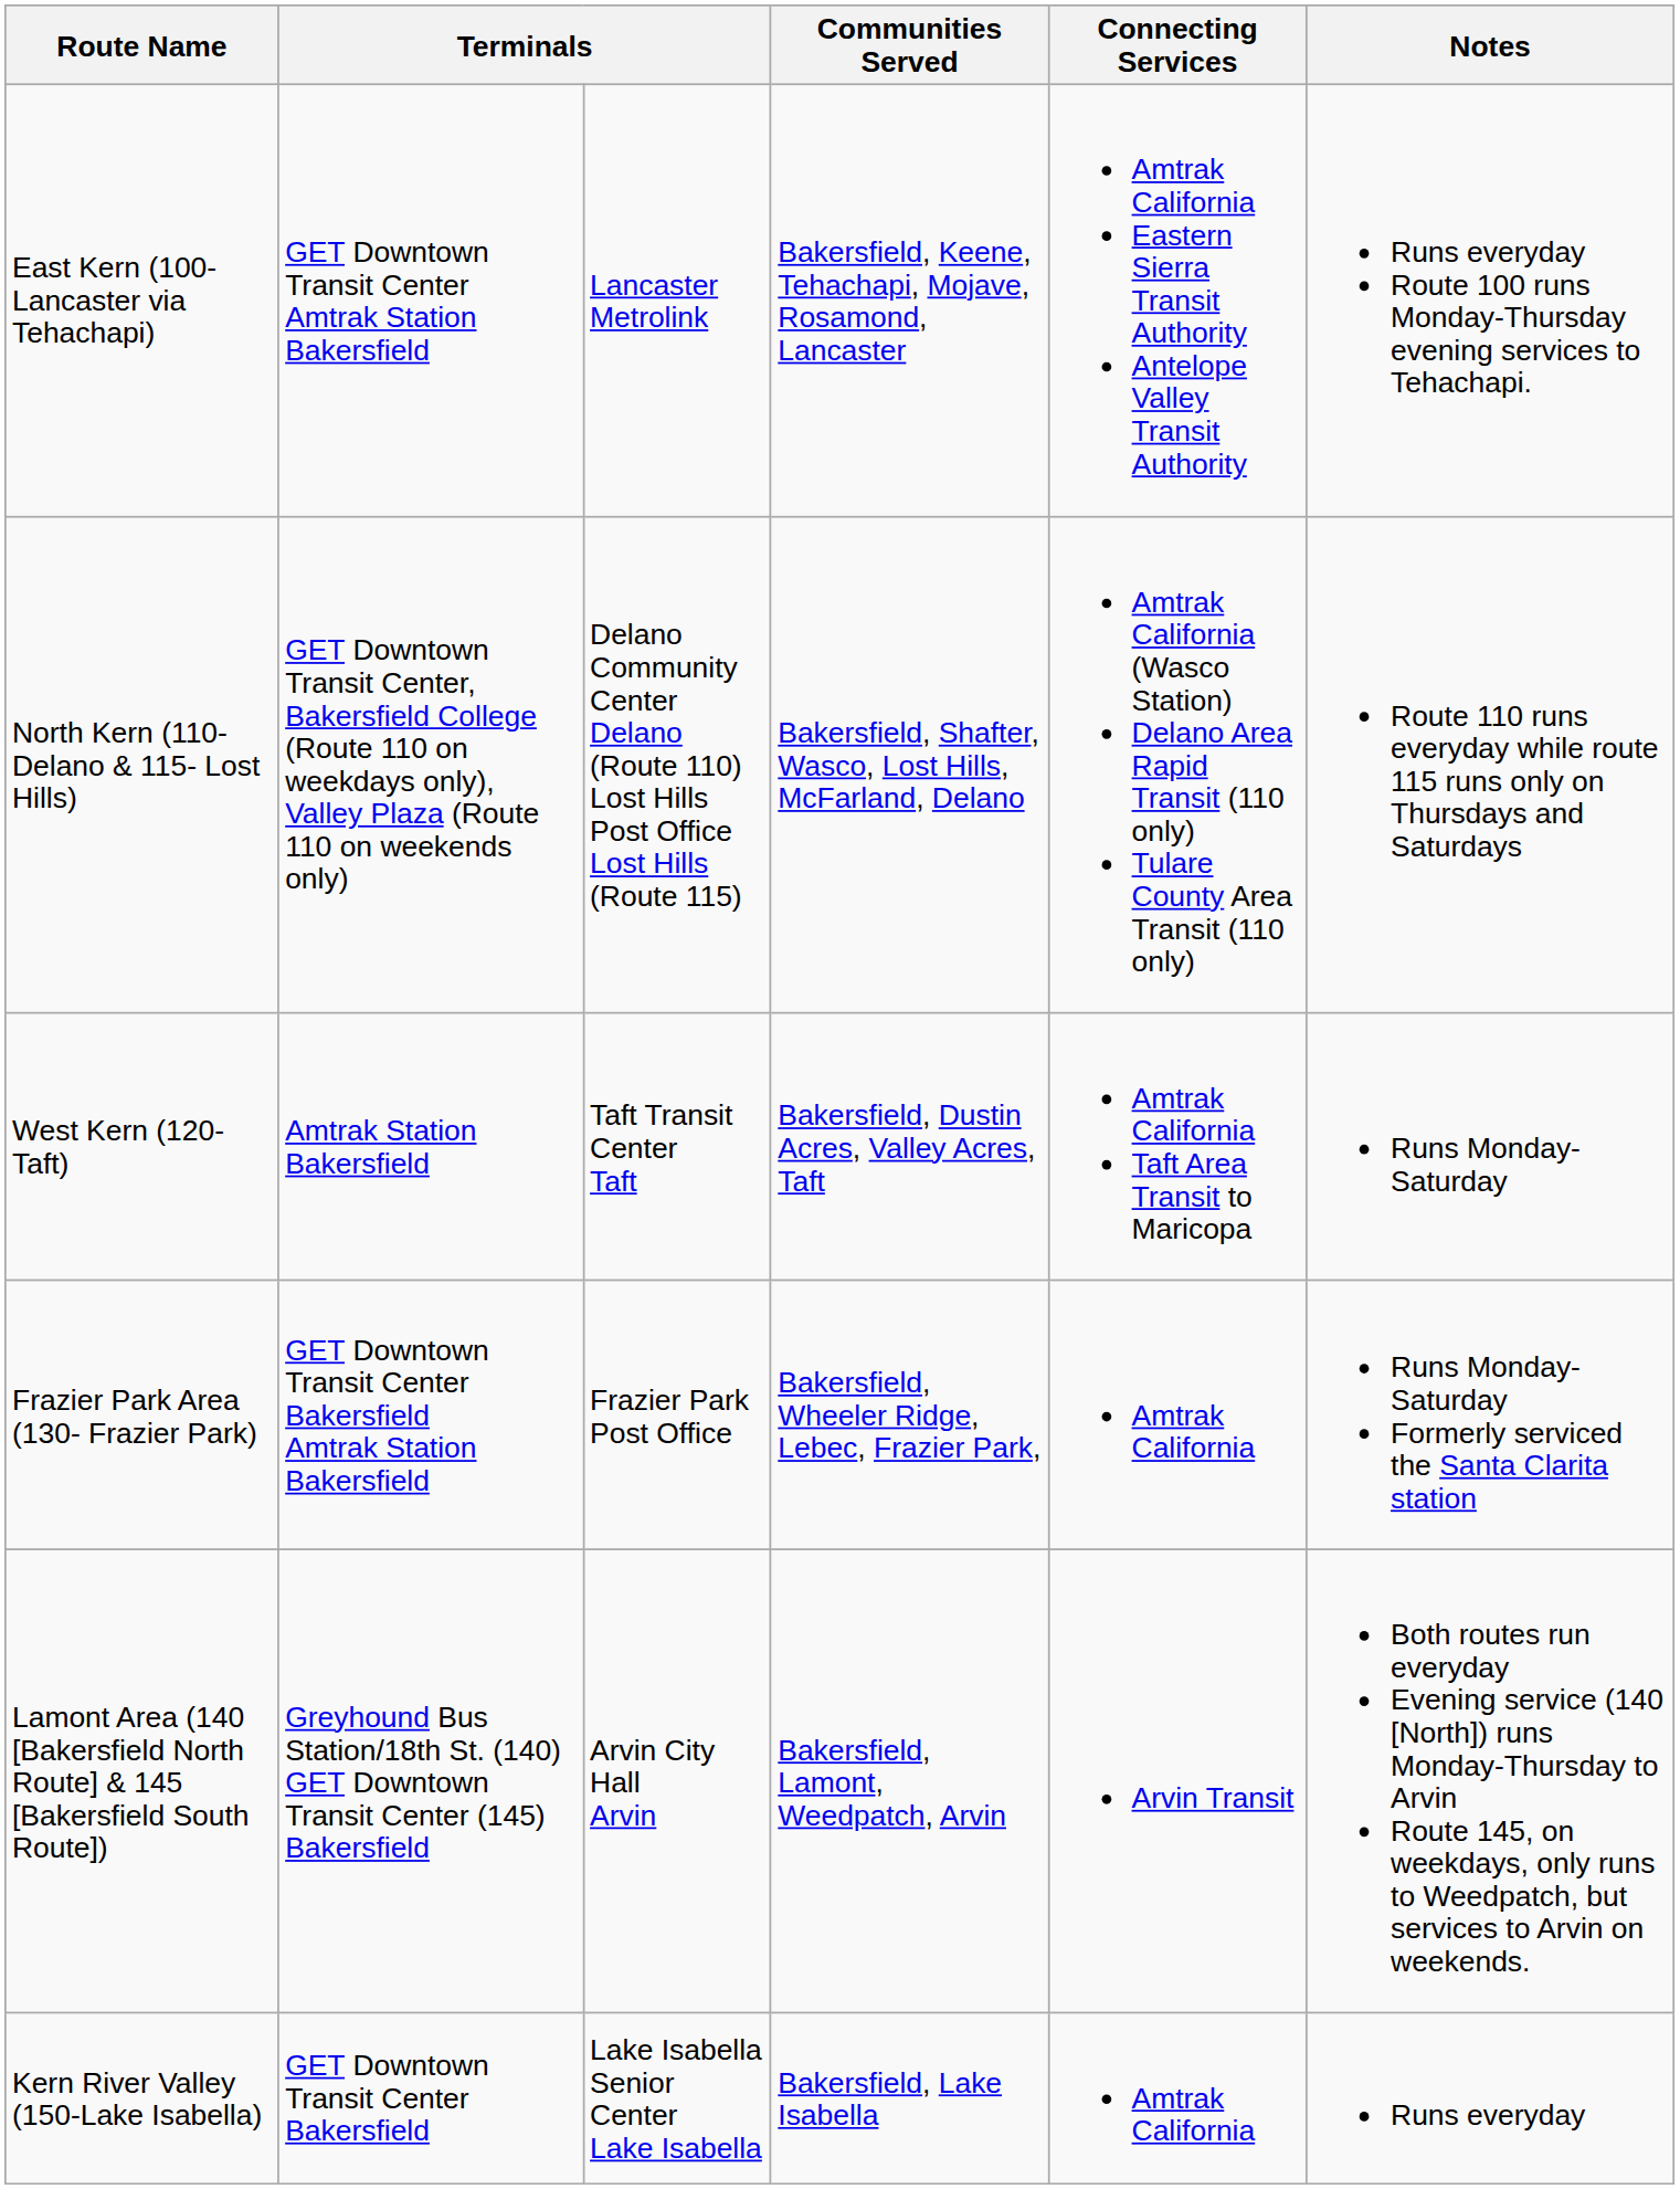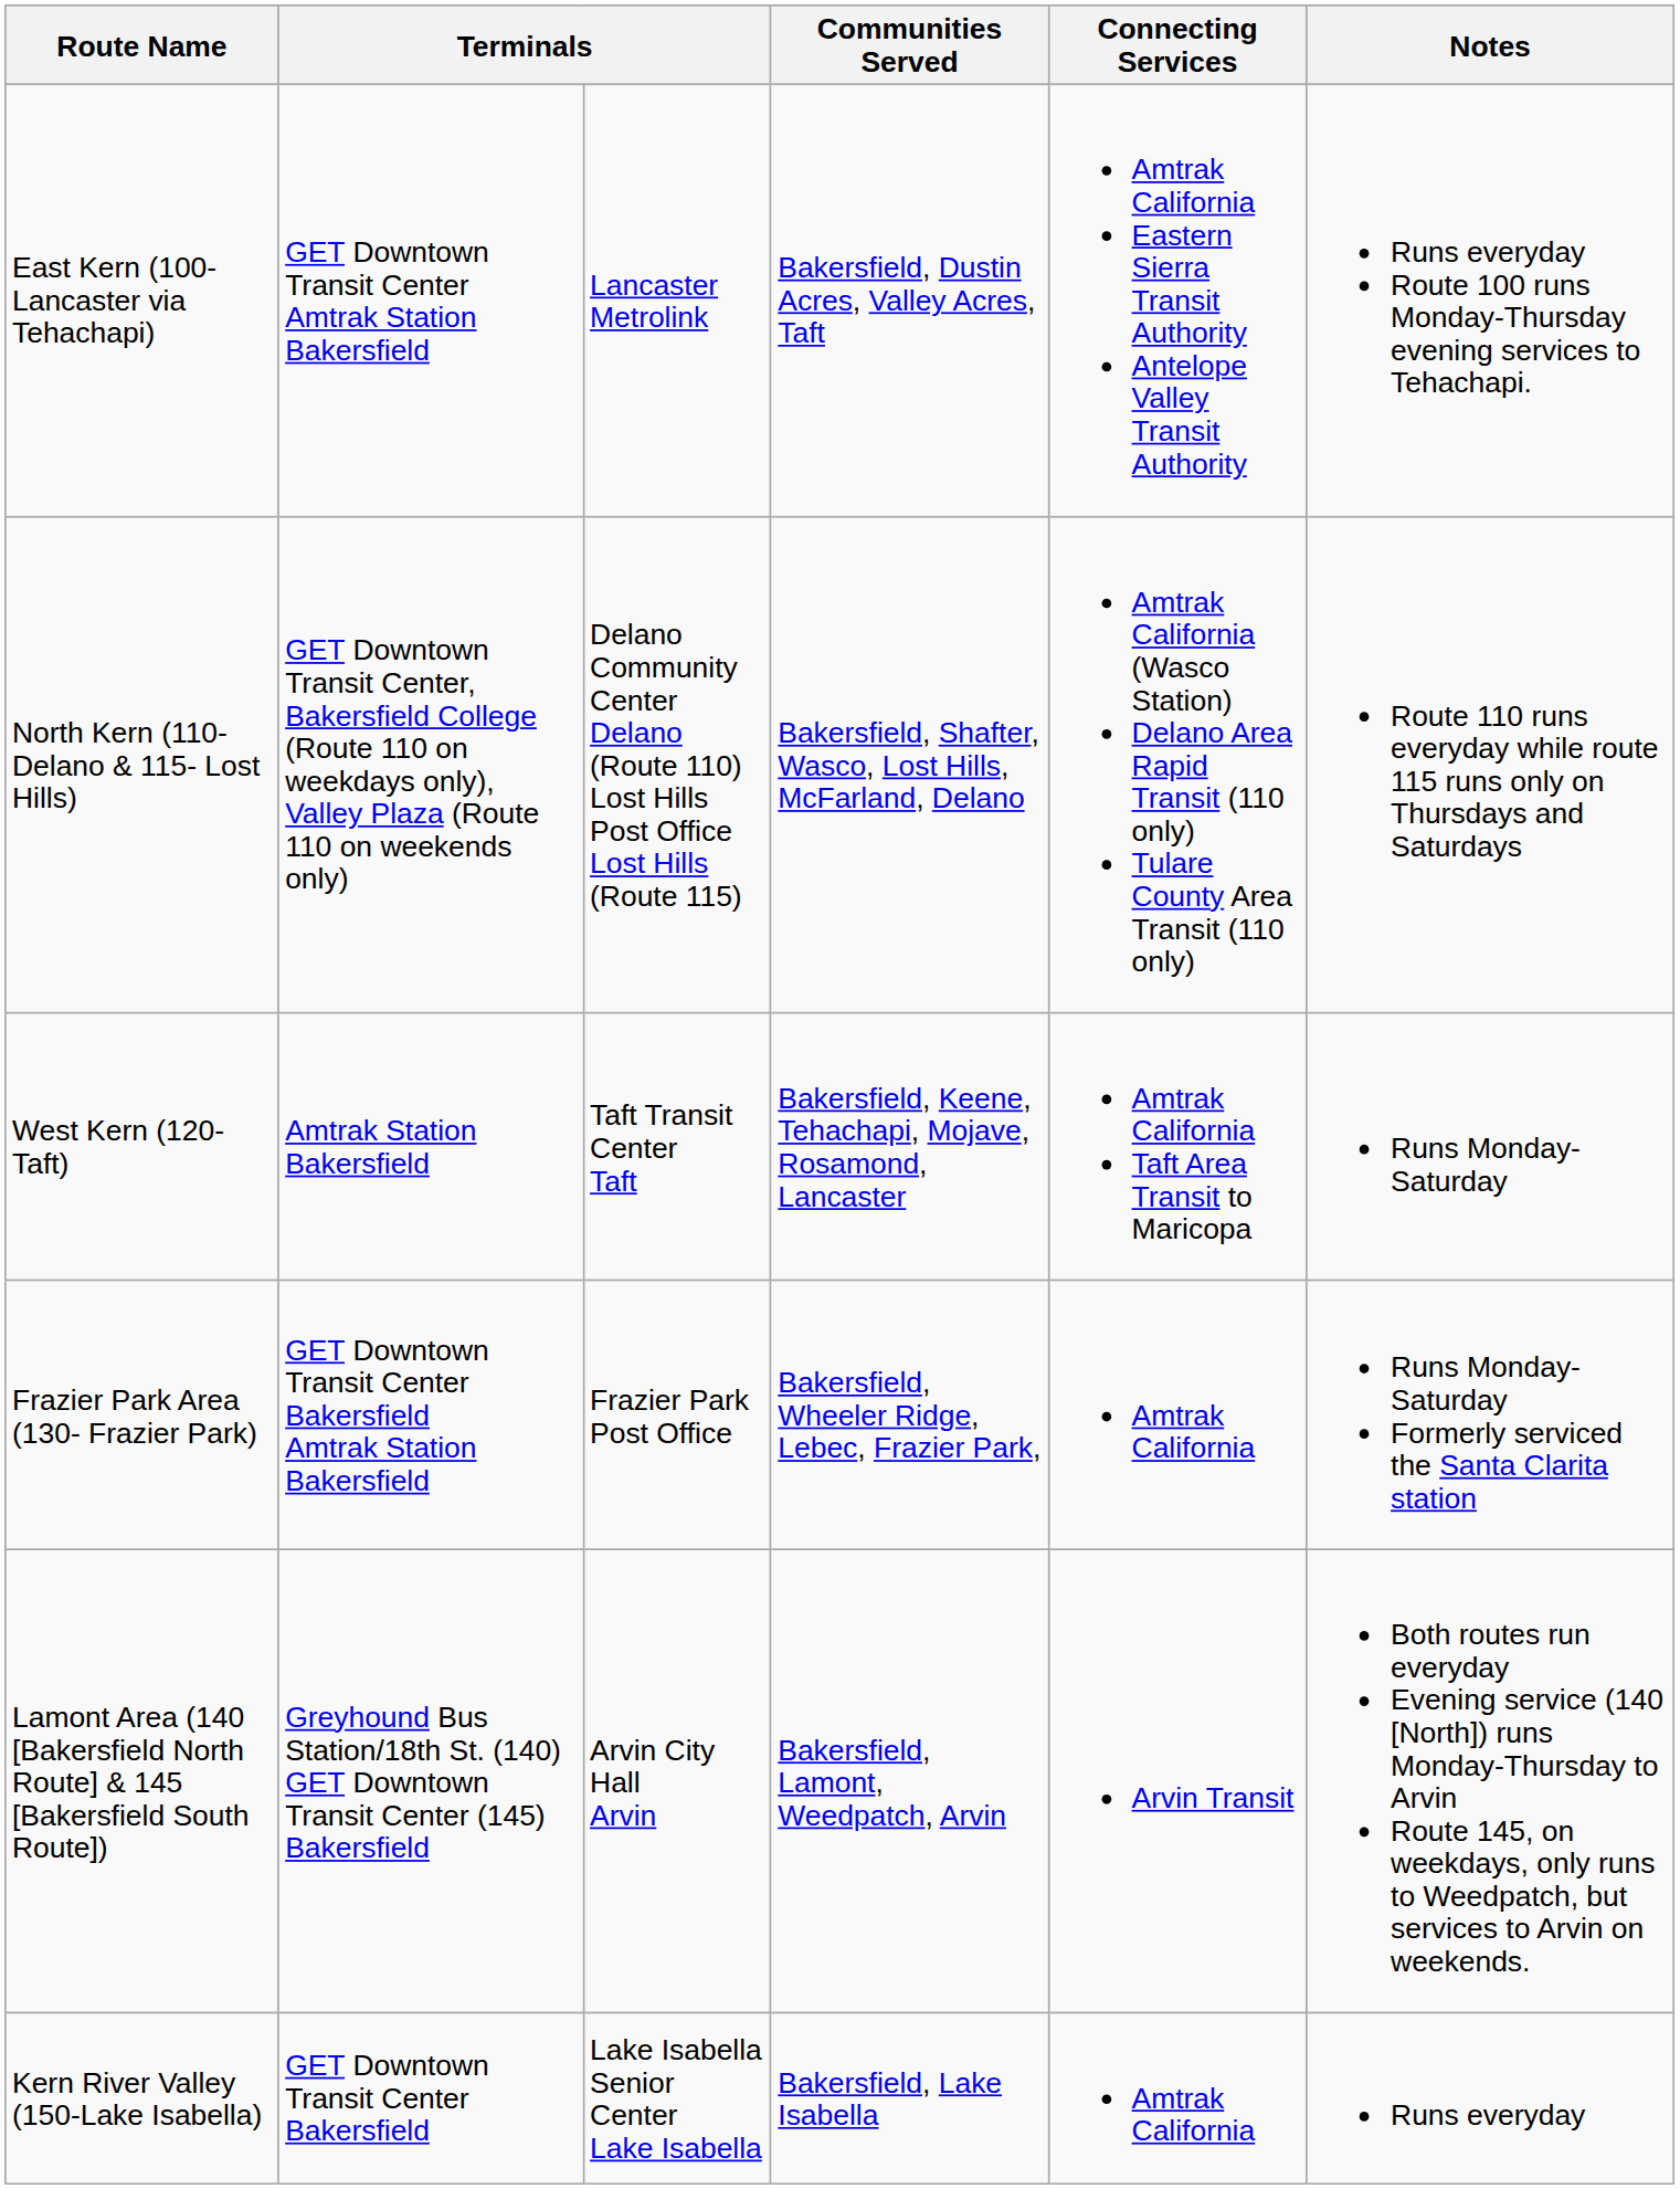 <table class=wikitable style="font-size: 95%;" |>
 <tr>
 <th>Route Name</th>
 <th colspan=2>Terminals</th>
 <th>Communities Served</th>
 <th>Connecting Services</th>
 <th>Notes</th>
 </tr>
 <tr>
 <td>East Kern (100- Lancaster via Tehachapi)</td>
 <td><a href='#'>GET</a> Downtown Transit Center<br><a href='#'>Amtrak Station</a><br><a href='#'>Bakersfield</a></td>
 <td><a href='#'>Lancaster Metrolink</a></td>
-<td><a href='#'>Bakersfield</a>, <a href='#'>Keene</a>, <a href='#'>Tehachapi</a>, <a href='#'>Mojave</a>, <a href='#'>Rosamond</a>, <a href='#'>Lancaster</a></td>
+<td><a href='#'>Bakersfield</a>, <a href='#'>Dustin Acres</a>, <a href='#'>Valley Acres</a>, <a href='#'>Taft</a></td>
 <td><br><ul><li><a href='#'>Amtrak California</a></li><li><a href='#'>Eastern Sierra Transit Authority</a></li><li><a href='#'>Antelope Valley Transit Authority</a></li></ul></td>
 <td><br><ul><li>Runs everyday</li><li>Route 100 runs Monday-Thursday evening services to Tehachapi.</li></ul></td>
 </tr>
 <tr>
 <td>North Kern (110- Delano & 115- Lost Hills)</td>
 <td><a href='#'>GET</a> Downtown Transit Center,<br><a href='#'>Bakersfield College</a> (Route 110 on weekdays only),  <a href='#'>Valley Plaza</a> (Route 110 on weekends only)</td>
 <td>Delano Community Center<br><a href='#'>Delano</a> (Route 110)<br>Lost Hills Post Office<br><a href='#'>Lost Hills</a> (Route 115)</td>
 <td><a href='#'>Bakersfield</a>, <a href='#'>Shafter</a>, <a href='#'>Wasco</a>, <a href='#'>Lost Hills</a>, <a href='#'>McFarland</a>, <a href='#'>Delano</a></td>
 <td><br><ul><li><a href='#'>Amtrak California</a> (Wasco Station)</li><li><a href='#'>Delano Area Rapid Transit</a> (110 only)</li><li><a href='#'>Tulare County</a> Area Transit (110 only)</li></ul></td>
 <td><br><ul><li>Route 110 runs everyday while route 115 runs only on Thursdays and Saturdays</li></ul></td>
 </tr>
 <tr>
 <td>West Kern (120- Taft)</td>
 <td><a href='#'>Amtrak Station</a><br><a href='#'>Bakersfield</a></td>
 <td>Taft Transit Center<br><a href='#'>Taft</a></td>
-<td><a href='#'>Bakersfield</a>, <a href='#'>Dustin Acres</a>, <a href='#'>Valley Acres</a>, <a href='#'>Taft</a></td>
+<td><a href='#'>Bakersfield</a>, <a href='#'>Keene</a>, <a href='#'>Tehachapi</a>, <a href='#'>Mojave</a>, <a href='#'>Rosamond</a>, <a href='#'>Lancaster</a></td>
 <td><br><ul><li><a href='#'>Amtrak California</a></li><li><a href='#'>Taft Area Transit</a> to Maricopa</li></ul></td>
 <td><br><ul><li>Runs Monday-Saturday</li></ul></td>
 </tr>
 <tr>
 <td>Frazier Park Area (130- Frazier Park)</td>
 <td><a href='#'>GET</a> Downtown Transit Center<br><a href='#'>Bakersfield</a><br><a href='#'>Amtrak Station</a><br><a href='#'>Bakersfield</a></td>
 <td>Frazier Park Post Office</td>
 <td><a href='#'>Bakersfield</a>, <a href='#'>Wheeler Ridge</a>, <a href='#'>Lebec</a>, <a href='#'>Frazier Park</a>,</td>
 <td><br><ul><li><a href='#'>Amtrak California</a></li></ul></td>
 <td><br><ul><li>Runs Monday-Saturday</li><li>Formerly serviced the <a href='#'>Santa Clarita station</a></li></ul></td>
 </tr>
 <tr>
 <td>Lamont Area (140 [Bakersfield North Route] & 145 [Bakersfield South Route])</td>
 <td><a href='#'>Greyhound</a> Bus Station/18th St. (140)<br><a href='#'>GET</a> Downtown Transit Center (145) <br><a href='#'>Bakersfield</a></td>
 <td>Arvin City Hall<br><a href='#'>Arvin</a></td>
 <td><a href='#'>Bakersfield</a>, <a href='#'>Lamont</a>,<br><a href='#'>Weedpatch</a>, <a href='#'>Arvin</a></td>
 <td><br><ul><li><a href='#'>Arvin Transit</a></li></ul></td>
 <td><br><ul><li>Both routes run everyday</li><li>Evening service (140 [North]) runs Monday-Thursday to Arvin</li><li>Route 145, on weekdays, only runs to Weedpatch, but services to Arvin on weekends.</li></ul></td>
 </tr>
 <tr>
 <td>Kern River Valley (150-Lake Isabella)</td>
 <td><a href='#'>GET</a> Downtown Transit Center<br><a href='#'>Bakersfield</a></td>
 <td>Lake Isabella Senior Center<br><a href='#'>Lake Isabella</a></td>
 <td><a href='#'>Bakersfield</a>, <a href='#'>Lake Isabella</a></td>
 <td><br><ul><li><a href='#'>Amtrak California</a></li></ul></td>
 <td><br><ul><li>Runs everyday</li></ul></td>
 </tr>
 </table>
